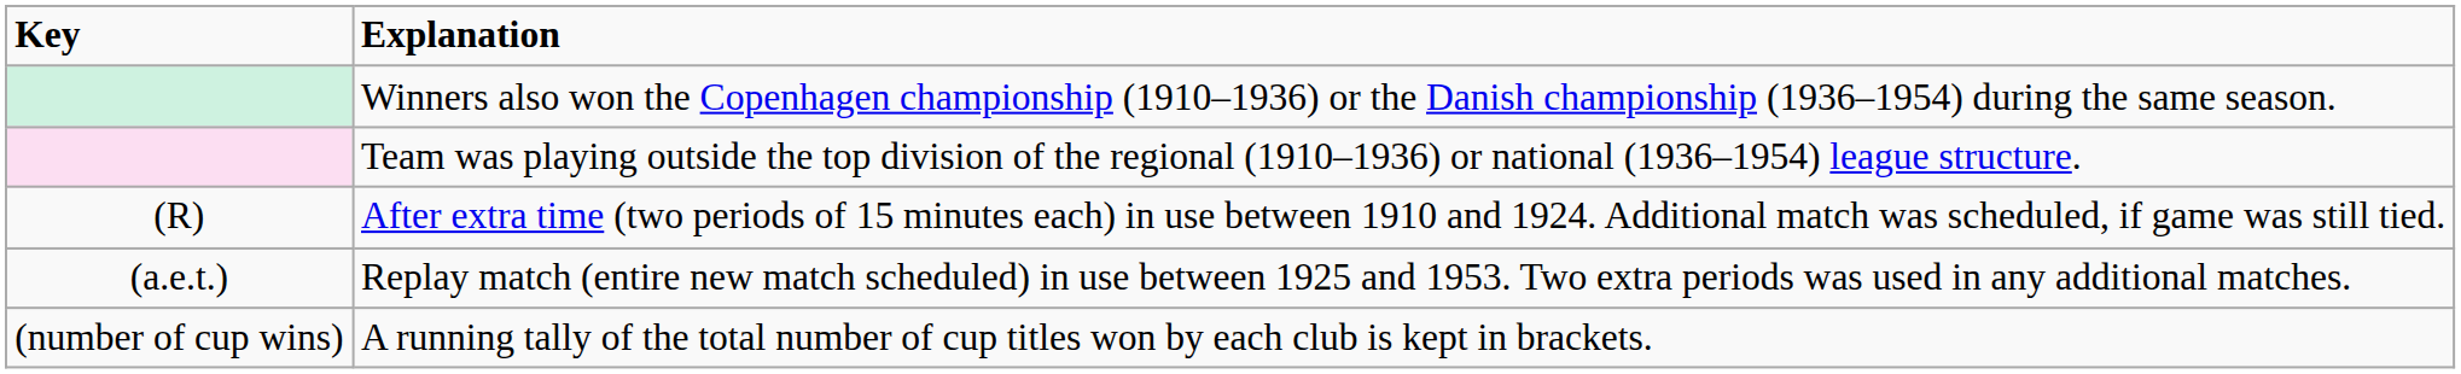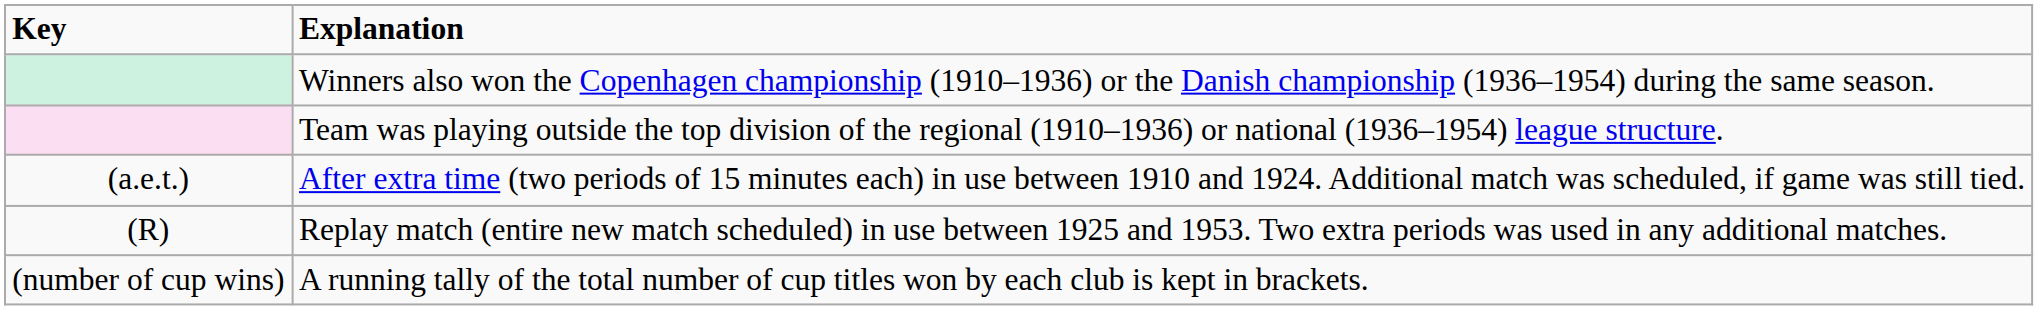 <table class="wikitable">
 <tr>
 <td><strong>Key</strong></td>
 <td><strong>Explanation</strong></td>
 </tr>
 <tr>
 <td bgcolor="#CEF2E0" align="center"><sup></sup></td>
 <td>Winners also won the <a href='#'>Copenhagen championship</a> (1910–1936) or the <a href='#'>Danish championship</a> (1936–1954) during the same season.</td>
 </tr>
 <tr>
 <td bgcolor="FCDEF2" align="center"><sup></sup></td>
 <td>Team was playing outside the top division of the regional (1910–1936) or national (1936–1954) <a href='#'>league structure</a>.</td>
 </tr>
 <tr>
-<td align="center">(R)</td>
+<td align="center">(a.e.t.)</td>
 <td><a href='#'>After extra time</a> (two periods of 15 minutes each) in use between 1910 and 1924. Additional match was scheduled, if game was still tied.</td>
 </tr>
 <tr>
-<td align="center">(a.e.t.)</td>
+<td align="center">(R)</td>
 <td>Replay match (entire new match scheduled) in use between 1925 and 1953. Two extra periods was used in any additional matches.</td>
 </tr>
 <tr>
 <td align="center">(number of cup wins)</td>
 <td>A running tally of the total number of cup titles won by each club is kept in brackets.</td>
 </tr>
 </table>
